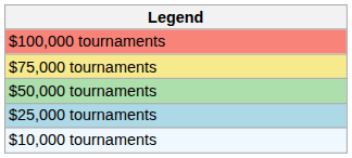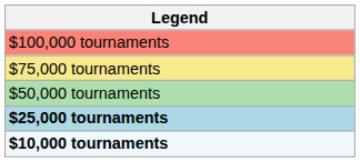 <table class="wikitable" style="font-size:85%;" width=15%>
 <tr>
 <th>Legend</th>
 </tr>
 <tr bgcolor="#F88379">
 <td>$100,000 tournaments</td>
 </tr>
 <tr bgcolor="#F7E98E">
 <td>$75,000 tournaments</td>
 </tr>
 <tr bgcolor="#ADDFAD">
 <td>$50,000 tournaments</td>
 </tr>
 <tr bgcolor=lightblue>
-<td>$25,000 tournaments</td>
+<td><strong>$25,000 tournaments</strong></td>
 </tr>
 <tr bgcolor="#f0f8ff">
-<td>$10,000 tournaments</td>
+<td><strong>$10,000 tournaments</strong></td>
 </tr>
 </table>
